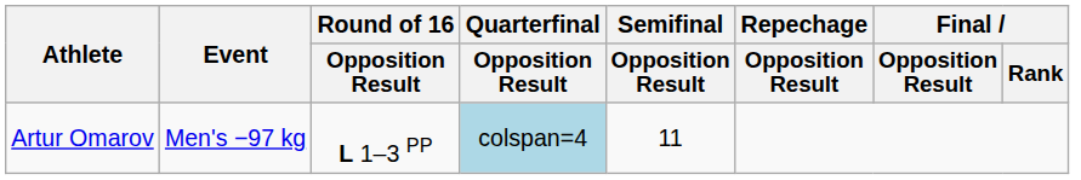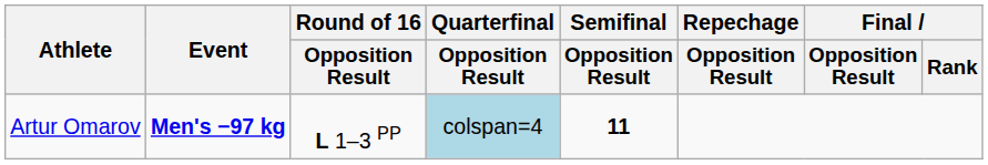 <table class="wikitable" style="font-size:90%">
 <tr>
 <th rowspan=2>Athlete</th>
 <th rowspan=2>Event</th>
 <th>Round of 16</th>
 <th>Quarterfinal</th>
 <th>Semifinal</th>
 <th>Repechage</th>
 <th colspan=2>Final / </th>
 </tr>
 <tr style="font-size: 95%">
 <th>Opposition<br>Result</th>
 <th>Opposition<br>Result</th>
 <th>Opposition<br>Result</th>
 <th>Opposition<br>Result</th>
 <th>Opposition<br>Result</th>
 <th>Rank</th>
 </tr>
 <tr align=center>
 <td align=left><a href='#'>Artur Omarov</a></td>
-<td align=left><a href='#'>Men's −97 kg</a></td>
+<td align=left><strong><a href='#'>Men's −97 kg</a></strong></td>
 <td><br><strong>L</strong> 1–3 <sup>PP</sup></td>
 <td style="background: lightblue;">colspan=4 </td>
-<td>11</td>
+<td><strong>11</strong></td>
 </tr>
 </table>
